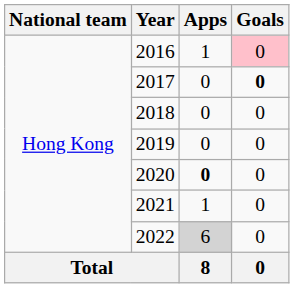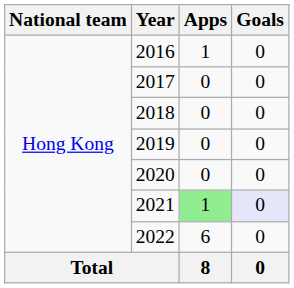 <table class="wikitable" style="text-align:center">
 <tr>
 <th>National team</th>
 <th>Year</th>
 <th>Apps</th>
 <th>Goals</th>
 </tr>
 <tr>
 <td rowspan="7"><a href='#'>Hong Kong</a></td>
 <td>2016</td>
 <td>1</td>
-<td style="background: pink;">0</td>
+<td>0</td>
 </tr>
 <tr>
 <td>2017</td>
 <td>0</td>
-<td><strong>0</strong></td>
+<td>0</td>
 </tr>
 <tr>
 <td>2018</td>
 <td>0</td>
 <td>0</td>
 </tr>
 <tr>
 <td>2019</td>
 <td>0</td>
 <td>0</td>
 </tr>
 <tr>
 <td>2020</td>
-<td><strong>0</strong></td>
+<td>0</td>
 <td>0</td>
 </tr>
 <tr>
 <td>2021</td>
-<td>1</td>
-<td>0</td>
+<td style="background: lightgreen;">1</td>
+<td style="background: lavender;">0</td>
 </tr>
 <tr>
 <td>2022</td>
-<td style="background: lightgrey;">6</td>
+<td>6</td>
 <td>0</td>
 </tr>
 <tr>
 <th colspan=2>Total</th>
 <th>8</th>
 <th>0</th>
 </tr>
 </table>
